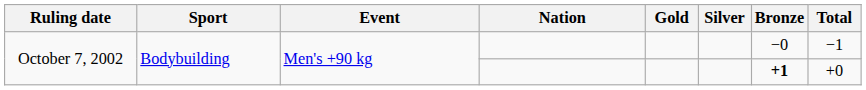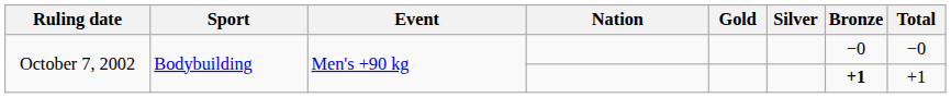 <table class="wikitable" style="text-align:center; font-size:90%;">
 <tr>
 <th scope="col" width="110">Ruling date</th>
 <th scope="col" width="120">Sport</th>
 <th scope="col" width="170">Event</th>
 <th scope="col" width="140">Nation</th>
 <th scope="col" width="40">Gold</th>
 <th scope="col" width="40">Silver</th>
 <th scope="col" width="40">Bronze</th>
 <th scope="col" width="40">Total</th>
 </tr>
 <tr>
 <td rowspan=2>October 7, 2002</td>
 <td rowspan=2 align=left><a href='#'>Bodybuilding</a></td>
 <td rowspan=2 align=left><a href='#'>Men's +90 kg</a></td>
 <td align=left></td>
 <td></td>
 <td></td>
 <td>−0</td>
-<td>−1</td>
+<td>−0</td>
 </tr>
 <tr>
 <td align=left></td>
 <td></td>
 <td></td>
 <td><strong>+1</strong></td>
-<td>+0</td>
+<td>+1</td>
 </tr>
 </table>
